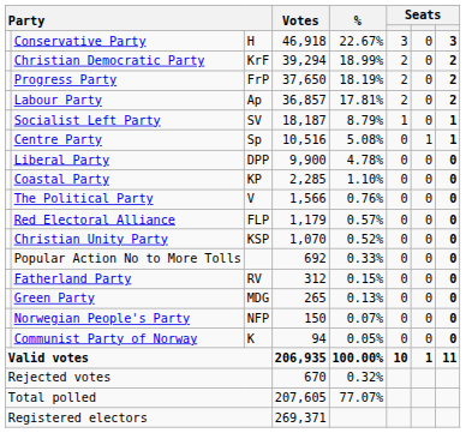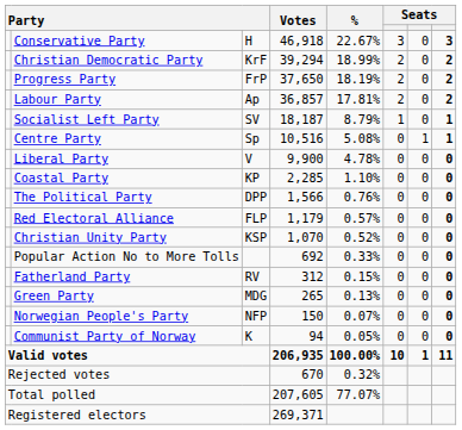 <table class="wikitable" border="1" style="text-align:right;">
 <tr>
 <th style="text-align:left;" valign=bottom rowspan=2 colspan=3>Party</th>
 <th align=center valign=bottom rowspan=2 width="50">Votes</th>
 <th align=center valign=bottom rowspan=2 width="50">%</th>
 <th colspan=3>Seats</th>
 </tr>
 <tr>
 <th align=center valign=bottom width="20"><small></small></th>
 <th align=center valign=bottom width="20"><small><a href='#'></a></small></th>
 <th align=center valign=bottom width="20"><small></small></th>
 </tr>
 <tr>
 <td style="color:inherit;background:"></td>
 <td align=left><a href='#'>Conservative Party</a></td>
 <td align=left>H</td>
 <td>46,918</td>
 <td>22.67%</td>
 <td>3</td>
 <td>0</td>
 <td><strong>3</strong></td>
 </tr>
 <tr>
 <td style="color:inherit;background:"></td>
 <td align=left><a href='#'>Christian Democratic Party</a></td>
 <td align=left>KrF</td>
 <td>39,294</td>
 <td>18.99%</td>
 <td>2</td>
 <td>0</td>
 <td><strong>2</strong></td>
 </tr>
 <tr>
 <td style="color:inherit;background:"></td>
 <td align=left><a href='#'>Progress Party</a></td>
 <td align=left>FrP</td>
 <td>37,650</td>
 <td>18.19%</td>
 <td>2</td>
 <td>0</td>
 <td><strong>2</strong></td>
 </tr>
 <tr>
 <td style="color:inherit;background:"></td>
 <td align=left><a href='#'>Labour Party</a></td>
 <td align=left>Ap</td>
 <td>36,857</td>
 <td>17.81%</td>
 <td>2</td>
 <td>0</td>
 <td><strong>2</strong></td>
 </tr>
 <tr>
 <td style="color:inherit;background:"></td>
 <td align=left><a href='#'>Socialist Left Party</a></td>
 <td align=left>SV</td>
 <td>18,187</td>
 <td>8.79%</td>
 <td>1</td>
 <td>0</td>
 <td><strong>1</strong></td>
 </tr>
 <tr>
 <td style="color:inherit;background:"></td>
 <td align=left><a href='#'>Centre Party</a></td>
 <td align=left>Sp</td>
 <td>10,516</td>
 <td>5.08%</td>
 <td>0</td>
 <td>1</td>
 <td><strong>1</strong></td>
 </tr>
 <tr>
 <td style="color:inherit;background:"></td>
 <td align=left><a href='#'>Liberal Party</a></td>
-<td align=left>DPP</td>
+<td align=left>V</td>
 <td>9,900</td>
 <td>4.78%</td>
 <td>0</td>
 <td>0</td>
 <td><strong>0</strong></td>
 </tr>
 <tr>
 <td style="color:inherit;background:"></td>
 <td align=left><a href='#'>Coastal Party</a></td>
 <td align=left>KP</td>
 <td>2,285</td>
 <td>1.10%</td>
 <td>0</td>
 <td>0</td>
 <td><strong>0</strong></td>
 </tr>
 <tr>
 <td style="color:inherit;background:"></td>
 <td align=left><a href='#'>The Political Party</a></td>
-<td align=left>V</td>
+<td align=left>DPP</td>
 <td>1,566</td>
 <td>0.76%</td>
 <td>0</td>
 <td>0</td>
 <td><strong>0</strong></td>
 </tr>
 <tr>
 <td style="color:inherit;background:"></td>
 <td align=left><a href='#'>Red Electoral Alliance</a></td>
 <td align=left>FLP</td>
 <td>1,179</td>
 <td>0.57%</td>
 <td>0</td>
 <td>0</td>
 <td><strong>0</strong></td>
 </tr>
 <tr>
 <td style="color:inherit;background:"></td>
 <td align=left><a href='#'>Christian Unity Party</a></td>
 <td align=left>KSP</td>
 <td>1,070</td>
 <td>0.52%</td>
 <td>0</td>
 <td>0</td>
 <td><strong>0</strong></td>
 </tr>
 <tr>
 <td></td>
 <td align=left>Popular Action No to More Tolls</td>
 <td align=left></td>
 <td>692</td>
 <td>0.33%</td>
 <td>0</td>
 <td>0</td>
 <td><strong>0</strong></td>
 </tr>
 <tr>
 <td style="color:inherit;background:"></td>
 <td align=left><a href='#'>Fatherland Party</a></td>
 <td align=left>RV</td>
 <td>312</td>
 <td>0.15%</td>
 <td>0</td>
 <td>0</td>
 <td><strong>0</strong></td>
 </tr>
 <tr>
 <td style="color:inherit;background:"></td>
 <td align=left><a href='#'>Green Party</a></td>
 <td align=left>MDG</td>
 <td>265</td>
 <td>0.13%</td>
 <td>0</td>
 <td>0</td>
 <td><strong>0</strong></td>
 </tr>
 <tr>
 <td style="color:inherit;background:"></td>
 <td align=left><a href='#'>Norwegian People's Party</a></td>
 <td align=left>NFP</td>
 <td>150</td>
 <td>0.07%</td>
 <td>0</td>
 <td>0</td>
 <td><strong>0</strong></td>
 </tr>
 <tr>
 <td style="color:inherit;background:"></td>
 <td align=left><a href='#'>Communist Party of Norway</a></td>
 <td align=left>K</td>
 <td>94</td>
 <td>0.05%</td>
 <td>0</td>
 <td>0</td>
 <td><strong>0</strong></td>
 </tr>
 <tr style="font-weight:bold">
 <td align=left colspan=3>Valid votes</td>
 <td>206,935</td>
 <td>100.00%</td>
 <td>10</td>
 <td>1</td>
 <td>11</td>
 </tr>
 <tr>
 <td align=left colspan=3>Rejected votes</td>
 <td>670</td>
 <td>0.32%</td>
 <td></td>
 <td></td>
 <td></td>
 </tr>
 <tr>
 <td align=left colspan=3>Total polled</td>
 <td>207,605</td>
 <td>77.07%</td>
 <td></td>
 <td></td>
 <td></td>
 </tr>
 <tr>
 <td align=left colspan=3>Registered electors</td>
 <td>269,371</td>
 <td></td>
 <td></td>
 <td></td>
 <td></td>
 </tr>
 </table>
